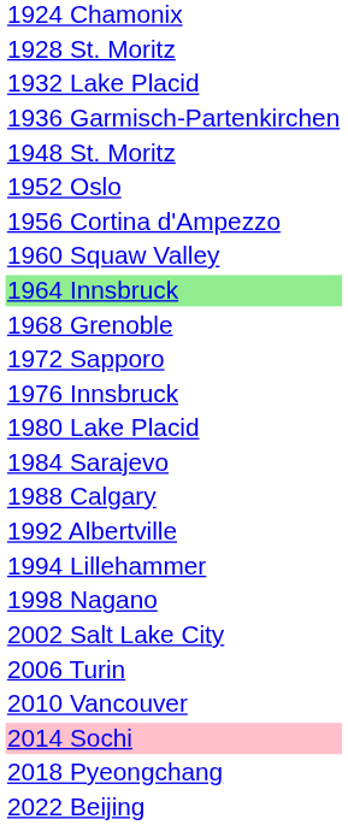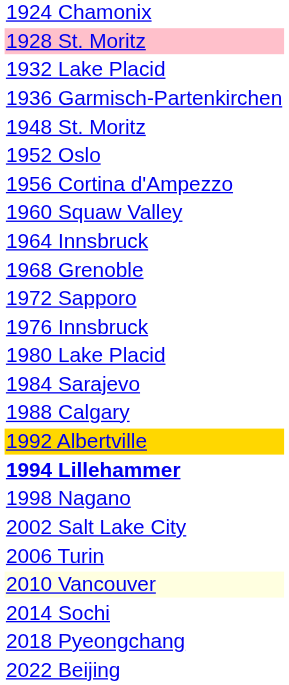 <table>
 <tr valign="top">
 <td><a href='#'>1924 Chamonix</a><br></td>
 <td></td>
 <td></td>
 <td></td>
 </tr>
 <tr valign="top">
-<td><a href='#'>1928 St. Moritz</a><br></td>
+<td style="background: pink;"><a href='#'>1928 St. Moritz</a><br></td>
 <td></td>
 <td></td>
 <td></td>
 </tr>
 <tr valign="top">
 <td><a href='#'>1932 Lake Placid</a><br></td>
 <td></td>
 <td></td>
 <td></td>
 </tr>
 <tr valign="top">
 <td {{Nowrap><a href='#'>1936 Garmisch-Partenkirchen</a><br></td>
 <td></td>
 <td></td>
 <td></td>
 </tr>
 <tr valign="top">
 <td><a href='#'>1948 St. Moritz</a><br></td>
 <td></td>
 <td></td>
 <td></td>
 </tr>
 <tr valign="top">
 <td><a href='#'>1952 Oslo</a><br></td>
 <td></td>
 <td></td>
 <td></td>
 </tr>
 <tr valign="top">
 <td {{Nowrap><a href='#'>1956 Cortina d'Ampezzo</a><br></td>
 <td></td>
 <td></td>
 <td></td>
 </tr>
 <tr valign="top">
 <td><a href='#'>1960 Squaw Valley</a><br></td>
 <td></td>
 <td></td>
 <td></td>
 </tr>
 <tr valign="top">
-<td style="background: lightgreen;"><a href='#'>1964 Innsbruck</a><br></td>
+<td><a href='#'>1964 Innsbruck</a><br></td>
 <td></td>
 <td></td>
 <td></td>
 </tr>
 <tr valign="top">
 <td><a href='#'>1968 Grenoble</a><br></td>
 <td></td>
 <td></td>
 <td></td>
 </tr>
 <tr valign="top">
 <td><a href='#'>1972 Sapporo</a><br></td>
 <td></td>
 <td></td>
 <td></td>
 </tr>
 <tr valign="top">
 <td><a href='#'>1976 Innsbruck</a><br></td>
 <td></td>
 <td></td>
 <td></td>
 </tr>
 <tr valign="top">
 <td><a href='#'>1980 Lake Placid</a><br></td>
 <td></td>
 <td></td>
 <td></td>
 </tr>
 <tr valign="top">
 <td><a href='#'>1984 Sarajevo</a><br></td>
 <td></td>
 <td></td>
 <td></td>
 </tr>
 <tr valign="top">
 <td><a href='#'>1988 Calgary</a><br></td>
 <td></td>
 <td></td>
 <td></td>
 </tr>
 <tr valign="top">
-<td><a href='#'>1992 Albertville</a><br></td>
+<td style="background: gold;"><a href='#'>1992 Albertville</a><br></td>
 <td></td>
 <td></td>
 <td></td>
 </tr>
 <tr valign="top">
-<td><a href='#'>1994 Lillehammer</a><br></td>
+<td><strong><a href='#'>1994 Lillehammer</a><br></strong></td>
 <td></td>
 <td></td>
 <td></td>
 </tr>
 <tr valign="top">
 <td><a href='#'>1998 Nagano</a><br></td>
 <td></td>
 <td></td>
 <td></td>
 </tr>
 <tr valign="top">
 <td><a href='#'>2002 Salt Lake City</a><br></td>
 <td></td>
 <td></td>
 <td></td>
 </tr>
 <tr valign="top">
 <td><a href='#'>2006 Turin</a><br></td>
 <td></td>
 <td></td>
 <td></td>
 </tr>
 <tr valign="top">
-<td><a href='#'>2010 Vancouver</a><br></td>
+<td style="background: lightyellow;"><a href='#'>2010 Vancouver</a><br></td>
 <td></td>
 <td></td>
 <td></td>
 </tr>
 <tr valign="top">
-<td style="background: pink;"><a href='#'>2014 Sochi</a> <br></td>
+<td><a href='#'>2014 Sochi</a> <br></td>
 <td></td>
 <td></td>
 <td></td>
 </tr>
 <tr valign="top">
 <td><a href='#'>2018 Pyeongchang</a><br></td>
 <td></td>
 <td></td>
 <td></td>
 </tr>
 <tr>
 <td><a href='#'>2022 Beijing</a> <br></td>
 <td></td>
 <td></td>
 <td></td>
 </tr>
 <tr>
 </tr>
 </table>
